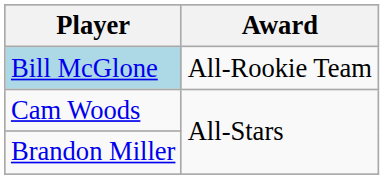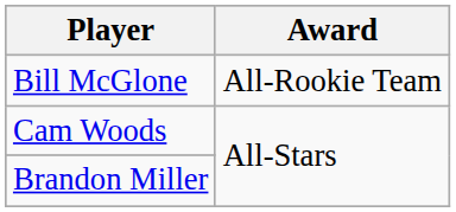 <table class="wikitable">
 <tr>
 <th>Player</th>
 <th>Award</th>
 </tr>
 <tr>
-<td style="background: lightblue;"><a href='#'>Bill McGlone</a></td>
+<td><a href='#'>Bill McGlone</a></td>
 <td>All-Rookie Team</td>
 </tr>
 <tr>
 <td><a href='#'>Cam Woods</a></td>
 <td rowspan=2>All-Stars</td>
 </tr>
 <tr>
 <td><a href='#'>Brandon Miller</a></td>
 </tr>
 </table>
